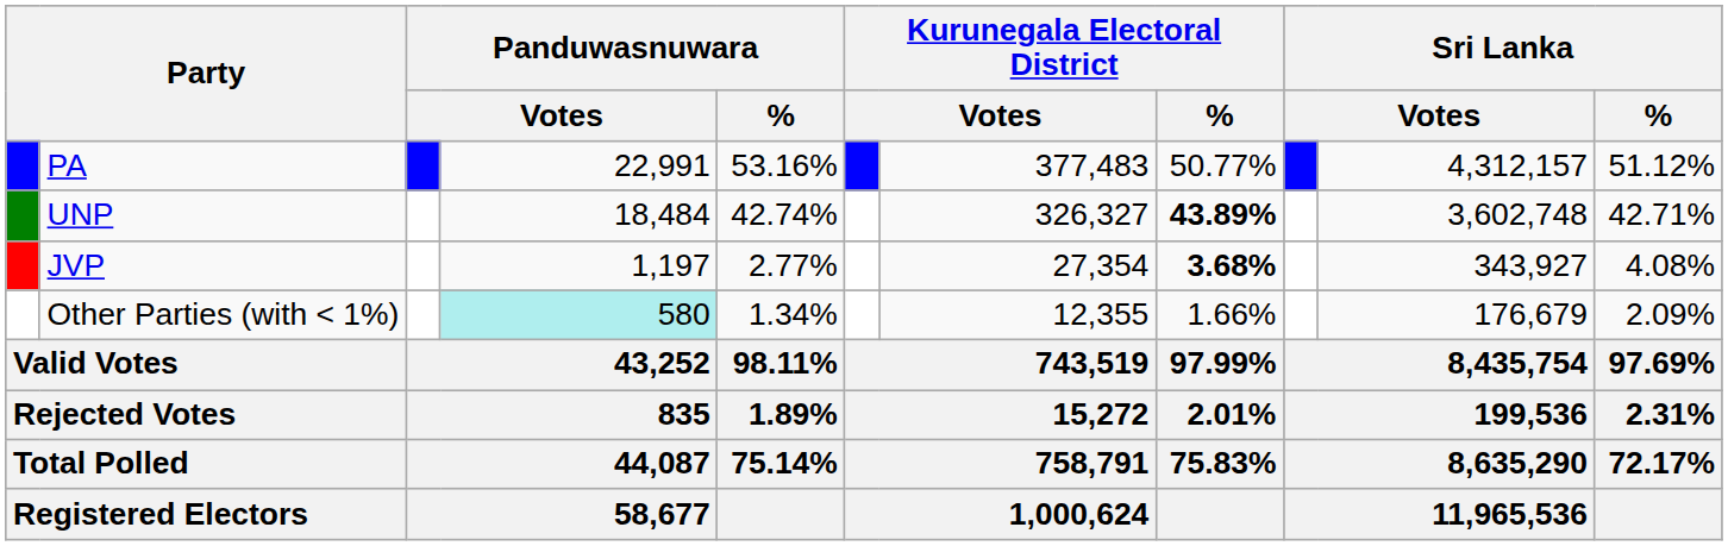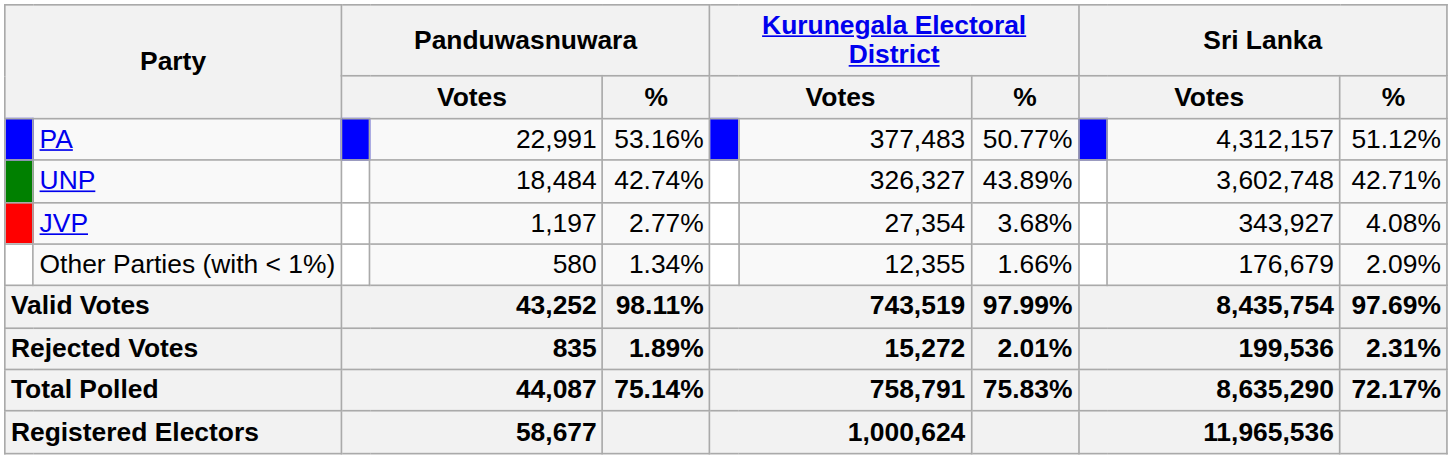 <table class="wikitable">
 <tr>
 <th colspan="2" width="144px"rowspan="2">Party</th>
 <th colspan="3" width="216px">Panduwasnuwara</th>
 <th colspan="3" width="216px"><a href='#'>Kurunegala Electoral District</a></th>
 <th colspan="3" width="216px">Sri Lanka</th>
 </tr>
 <tr>
 <th colspan="2" width="144px">Votes</th>
 <th>%</th>
 <th colspan="2" width="144px">Votes</th>
 <th>%</th>
 <th colspan="2" width="144px">Votes</th>
 <th>%</th>
 </tr>
 <tr>
 <td style="background-color:blue;" width="10px"></td>
 <td style="text-align:left;"><a href='#'>PA</a></td>
 <td style="background-color:blue;" width="10px"></td>
 <td style="text-align:right;">22,991</td>
 <td style="text-align:right;">53.16%</td>
 <td style="background-color:blue;" width="10px"></td>
 <td style="text-align:right;">377,483</td>
 <td style="text-align:right;">50.77%</td>
 <td style="background-color:blue;" width="10px"></td>
 <td style="text-align:right;">4,312,157</td>
 <td style="text-align:right;">51.12%</td>
 </tr>
 <tr>
 <td style="background-color:green;" width="10px"></td>
 <td style="text-align:left;"><a href='#'>UNP</a></td>
 <td style="background-color:white;" width="10px"></td>
 <td style="text-align:right;">18,484</td>
 <td style="text-align:right;">42.74%</td>
 <td style="background-color:white;" width="10px"></td>
 <td style="text-align:right;">326,327</td>
-<td style="text-align:right;"><strong>43.89%</strong></td>
+<td style="text-align:right;">43.89%</td>
 <td style="background-color:white;" width="10px"></td>
 <td style="text-align:right;">3,602,748</td>
 <td style="text-align:right;">42.71%</td>
 </tr>
 <tr>
 <td style="background-color:red;" width="10px"></td>
 <td style="text-align:left;"><a href='#'>JVP</a></td>
 <td style="background-color:white;" width="10px"></td>
 <td style="text-align:right;">1,197</td>
 <td style="text-align:right;">2.77%</td>
 <td style="background-color:white;" width="10px"></td>
 <td style="text-align:right;">27,354</td>
-<td style="text-align:right;"><strong>3.68%</strong></td>
+<td style="text-align:right;">3.68%</td>
 <td style="background-color:white;" width="10px"></td>
 <td style="text-align:right;">343,927</td>
 <td style="text-align:right;">4.08%</td>
 </tr>
 <tr>
 <td style="background-color:white;" width="10px"></td>
 <td style="text-align:left;">Other Parties (with < 1%)</td>
 <td style="background-color:white;" width="10px"></td>
-<td style="background: paleturquoise; text-align:right;">580</td>
+<td style="text-align:right;">580</td>
 <td style="text-align:right;">1.34%</td>
 <td style="background-color:white;" width="10px"></td>
 <td style="text-align:right;">12,355</td>
 <td style="text-align:right;">1.66%</td>
 <td style="background-color:white;" width="10px"></td>
 <td style="text-align:right;">176,679</td>
 <td style="text-align:right;">2.09%</td>
 </tr>
 <tr>
 <th colspan="2" width="144px"style="text-align:left;">Valid Votes</th>
 <th style="text-align:right;"colspan="2" width="144px">43,252</th>
 <th style="text-align:right;">98.11%</th>
 <th style="text-align:right;"colspan="2" width="144px">743,519</th>
 <th style="text-align:right;">97.99%</th>
 <th style="text-align:right;"colspan="2" width="144px">8,435,754</th>
 <th style="text-align:right;">97.69%</th>
 </tr>
 <tr>
 <th colspan="2" width="144px"style="text-align:left;">Rejected Votes</th>
 <th style="text-align:right;"colspan="2" width="144px">835</th>
 <th style="text-align:right;">1.89%</th>
 <th style="text-align:right;"colspan="2" width="144px">15,272</th>
 <th style="text-align:right;">2.01%</th>
 <th style="text-align:right;"colspan="2" width="144px">199,536</th>
 <th style="text-align:right;">2.31%</th>
 </tr>
 <tr>
 <th colspan="2" width="144px"style="text-align:left;">Total Polled</th>
 <th style="text-align:right;"colspan="2" width="144px">44,087</th>
 <th style="text-align:right;">75.14%</th>
 <th style="text-align:right;"colspan="2" width="144px">758,791</th>
 <th style="text-align:right;">75.83%</th>
 <th style="text-align:right;"colspan="2" width="144px">8,635,290</th>
 <th style="text-align:right;">72.17%</th>
 </tr>
 <tr>
 <th colspan="2" width="144px"style="text-align:left;">Registered Electors</th>
 <th style="text-align:right;"colspan="2" width="144px">58,677</th>
 <th></th>
 <th style="text-align:right;"colspan="2" width="144px">1,000,624</th>
 <th></th>
 <th style="text-align:right;"colspan="2" width="144px">11,965,536</th>
 <th></th>
 </tr>
 </table>
